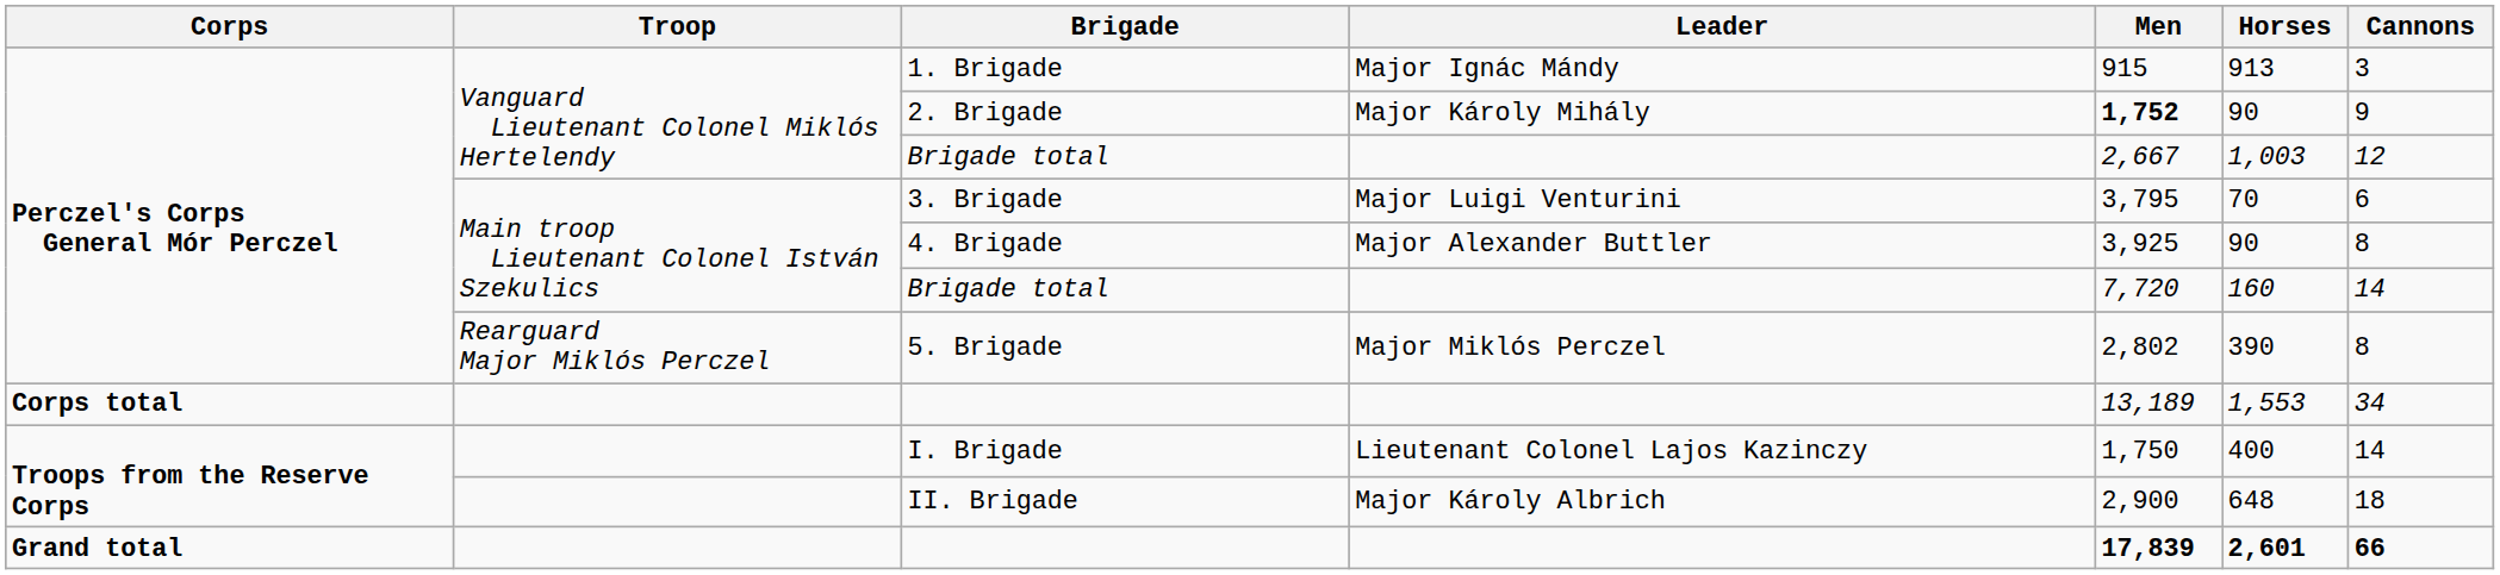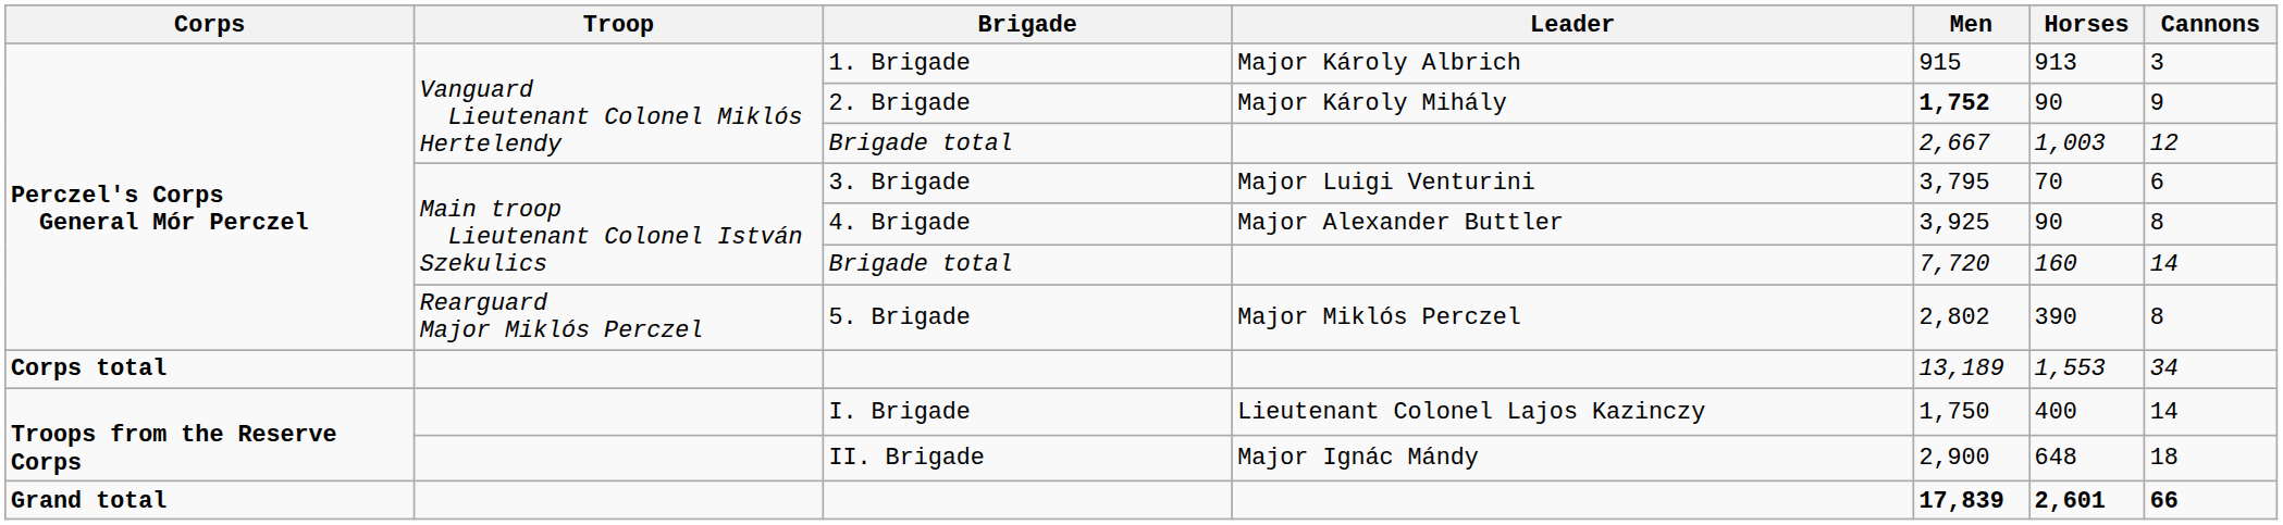 <table class="wikitable">
 <tr>
 <th width=18%>Corps</th>
 <th width=18%>Troop</th>
 <th width=18%>Brigade</th>
 <th width=30%>Leader</th>
 <th width=>Men</th>
 <th width=>Horses</th>
 <th width=>Cannons</th>
 </tr>
 <tr>
 <td rowspan=7><br><strong>Perczel's Corps</strong> <br>  <strong>General Mór Perczel</strong></td>
 <td rowspan=3><br><em>Vanguard</em> <br>  <em>Lieutenant Colonel Miklós Hertelendy</em></td>
 <td>1. Brigade</td>
-<td>Major Ignác Mándy</td>
+<td>Major Károly Albrich</td>
 <td>915</td>
 <td>913</td>
 <td>3</td>
 </tr>
 <tr>
 <td>2. Brigade</td>
 <td>Major Károly Mihály</td>
 <td><strong>1,752</strong></td>
 <td>90</td>
 <td>9</td>
 </tr>
 <tr>
 <td><em>Brigade total</em></td>
 <td></td>
 <td><em>2,667</em></td>
 <td><em>1,003</em></td>
 <td><em>12</em></td>
 </tr>
 <tr>
 <td rowspan=3><br><em>Main troop</em> <br>  <em>Lieutenant Colonel István Szekulics</em></td>
 <td>3. Brigade</td>
 <td>Major Luigi Venturini</td>
 <td>3,795</td>
 <td>70</td>
 <td>6</td>
 </tr>
 <tr>
 <td>4. Brigade</td>
 <td>Major Alexander Buttler</td>
 <td>3,925</td>
 <td>90</td>
 <td>8</td>
 </tr>
 <tr>
 <td><em>Brigade total</em></td>
 <td></td>
 <td><em>7,720</em></td>
 <td><em>160</em></td>
 <td><em>14</em></td>
 </tr>
 <tr>
 <td><em>Rearguard</em><br><em>Major Miklós Perczel</em></td>
 <td>5. Brigade</td>
 <td>Major Miklós Perczel</td>
 <td>2,802</td>
 <td>390</td>
 <td>8</td>
 </tr>
 <tr>
 <td><strong>Corps total</strong></td>
 <td></td>
 <td></td>
 <td></td>
 <td><em>13,189</em></td>
 <td><em>1,553</em></td>
 <td><em>34</em></td>
 </tr>
 <tr>
 <td rowspan=2><br><strong>Troops from the Reserve Corps</strong></td>
 <td></td>
 <td>I. Brigade</td>
 <td>Lieutenant Colonel Lajos Kazinczy</td>
 <td>1,750</td>
 <td>400</td>
 <td>14</td>
 </tr>
 <tr>
 <td></td>
 <td>II. Brigade</td>
-<td>Major Károly Albrich</td>
+<td>Major Ignác Mándy</td>
 <td>2,900</td>
 <td>648</td>
 <td>18</td>
 </tr>
 <tr>
 <td><strong>Grand total</strong></td>
 <td></td>
 <td></td>
 <td></td>
 <td><strong>17,839</strong></td>
 <td><strong>2,601</strong></td>
 <td><strong>66</strong></td>
 </tr>
 </table>
